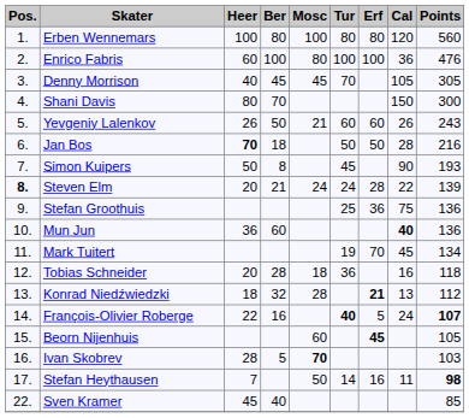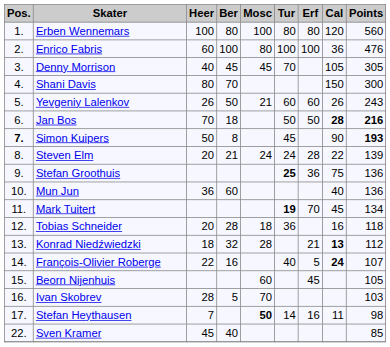 <table bgcolor="#f7f8ff" cellpadding="3" cellspacing="0" border="1" style="font-size: 95%; border: gray solid 1px; border-collapse: collapse;">
 <tr bgcolor="#CCCCCC">
 <td align="center" width="10"><strong>Pos.</strong></td>
 <td align="center" width="200"><strong>Skater</strong></td>
 <td align="center" width="20"><strong>Heer</strong></td>
 <td align="center" width="20"><strong>Ber</strong></td>
 <td align="center" width="20"><strong>Mosc</strong></td>
 <td align="center" width="20"><strong>Tur</strong></td>
 <td align="center" width="20"><strong>Erf</strong></td>
 <td align="center" width="20"><strong>Cal</strong></td>
 <td align="center" width="20"><strong>Points</strong></td>
 </tr>
 <tr align="left">
 <td align="center">1.</td>
 <td> <a href='#'>Erben Wennemars</a></td>
 <td align="right">100</td>
 <td align="right">80</td>
 <td align="right">100</td>
 <td align="right">80</td>
 <td align="right">80</td>
 <td align="right">120</td>
 <td align="right">560</td>
 </tr>
 <tr align="left">
 <td align="center">2.</td>
 <td> <a href='#'>Enrico Fabris</a></td>
 <td align="right">60</td>
 <td align="right">100</td>
 <td align="right">80</td>
 <td align="right">100</td>
 <td align="right">100</td>
 <td align="right">36</td>
 <td align="right">476</td>
 </tr>
 <tr align="left">
 <td align="center">3.</td>
 <td> <a href='#'>Denny Morrison</a></td>
 <td align="right">40</td>
 <td align="right">45</td>
 <td align="right">45</td>
 <td align="right">70</td>
 <td align="right"></td>
 <td align="right">105</td>
 <td align="right">305</td>
 </tr>
 <tr align="left">
 <td align="center">4.</td>
 <td> <a href='#'>Shani Davis</a></td>
 <td align="right">80</td>
 <td align="right">70</td>
 <td align="right"></td>
 <td align="right"></td>
 <td align="right"></td>
 <td align="right">150</td>
 <td align="right">300</td>
 </tr>
 <tr align="left">
 <td align="center">5.</td>
 <td> <a href='#'>Yevgeniy Lalenkov</a></td>
 <td align="right">26</td>
 <td align="right">50</td>
 <td align="right">21</td>
 <td align="right">60</td>
 <td align="right">60</td>
 <td align="right">26</td>
 <td align="right">243</td>
 </tr>
 <tr align="left">
 <td align="center">6.</td>
 <td> <a href='#'>Jan Bos</a></td>
-<td align="right"><strong>70</strong></td>
+<td align="right">70</td>
 <td align="right">18</td>
 <td align="right"></td>
 <td align="right">50</td>
 <td align="right">50</td>
-<td align="right">28</td>
-<td align="right">216</td>
+<td align="right"><strong>28</strong></td>
+<td align="right"><strong>216</strong></td>
 </tr>
 <tr align="left">
-<td align="center">7.</td>
+<td align="center"><strong>7.</strong></td>
 <td> <a href='#'>Simon Kuipers</a></td>
 <td align="right">50</td>
 <td align="right">8</td>
 <td align="right"></td>
 <td align="right">45</td>
 <td align="right"></td>
 <td align="right">90</td>
-<td align="right">193</td>
+<td align="right"><strong>193</strong></td>
 </tr>
 <tr align="left">
-<td align="center"><strong>8.</strong></td>
+<td align="center">8.</td>
 <td> <a href='#'>Steven Elm</a></td>
 <td align="right">20</td>
 <td align="right">21</td>
 <td align="right">24</td>
 <td align="right">24</td>
 <td align="right">28</td>
 <td align="right">22</td>
 <td align="right">139</td>
 </tr>
 <tr align="left">
 <td align="center">9.</td>
 <td> <a href='#'>Stefan Groothuis</a></td>
 <td align="right"></td>
 <td align="right"></td>
 <td align="right"></td>
-<td align="right">25</td>
+<td align="right"><strong>25</strong></td>
 <td align="right">36</td>
 <td align="right">75</td>
 <td align="right">136</td>
 </tr>
 <tr align="left">
 <td align="center">10.</td>
 <td> <a href='#'>Mun Jun</a></td>
 <td align="right">36</td>
 <td align="right">60</td>
 <td align="right"></td>
 <td align="right"></td>
 <td align="right"></td>
-<td align="right"><strong>40</strong></td>
+<td align="right">40</td>
 <td align="right">136</td>
 </tr>
 <tr align="left">
 <td align="center">11.</td>
 <td> <a href='#'>Mark Tuitert</a></td>
 <td align="right"></td>
 <td align="right"></td>
 <td align="right"></td>
-<td align="right">19</td>
+<td align="right"><strong>19</strong></td>
 <td align="right">70</td>
 <td align="right">45</td>
 <td align="right">134</td>
 </tr>
 <tr align="left">
 <td align="center">12.</td>
 <td> <a href='#'>Tobias Schneider</a></td>
 <td align="right">20</td>
 <td align="right">28</td>
 <td align="right">18</td>
 <td align="right">36</td>
 <td align="right"></td>
 <td align="right">16</td>
 <td align="right">118</td>
 </tr>
 <tr align="left">
 <td align="center">13.</td>
 <td> <a href='#'>Konrad Niedźwiedzki</a></td>
 <td align="right">18</td>
 <td align="right">32</td>
 <td align="right">28</td>
 <td align="right"></td>
-<td align="right"><strong>21</strong></td>
-<td align="right">13</td>
+<td align="right">21</td>
+<td align="right"><strong>13</strong></td>
 <td align="right">112</td>
 </tr>
 <tr align="left">
 <td align="center">14.</td>
 <td> <a href='#'>François-Olivier Roberge</a></td>
 <td align="right">22</td>
 <td align="right">16</td>
 <td align="right"></td>
-<td align="right"><strong>40</strong></td>
+<td align="right">40</td>
 <td align="right">5</td>
-<td align="right">24</td>
-<td align="right"><strong>107</strong></td>
+<td align="right"><strong>24</strong></td>
+<td align="right">107</td>
 </tr>
 <tr align="left">
 <td align="center">15.</td>
 <td> <a href='#'>Beorn Nijenhuis</a></td>
 <td align="right"></td>
 <td align="right"></td>
 <td align="right">60</td>
 <td align="right"></td>
-<td align="right"><strong>45</strong></td>
+<td align="right">45</td>
 <td align="right"></td>
 <td align="right">105</td>
 </tr>
 <tr align="left">
 <td align="center">16.</td>
 <td> <a href='#'>Ivan Skobrev</a></td>
 <td align="right">28</td>
 <td align="right">5</td>
-<td align="right"><strong>70</strong></td>
+<td align="right">70</td>
 <td align="right"></td>
 <td align="right"></td>
 <td align="right"></td>
 <td align="right">103</td>
 </tr>
 <tr align="left">
 <td align="center">17.</td>
 <td> <a href='#'>Stefan Heythausen</a></td>
 <td align="right">7</td>
 <td align="right"></td>
-<td align="right">50</td>
+<td align="right"><strong>50</strong></td>
 <td align="right">14</td>
 <td align="right">16</td>
 <td align="right">11</td>
-<td align="right"><strong>98</strong></td>
+<td align="right">98</td>
 </tr>
 <tr align="left">
 <td align="center">22.</td>
 <td> <a href='#'>Sven Kramer</a></td>
 <td align="right">45</td>
 <td align="right">40</td>
 <td align="right"></td>
 <td align="right"></td>
 <td align="right"></td>
 <td align="right"></td>
 <td align="right">85</td>
 </tr>
 <tr>
 </tr>
 </table>
